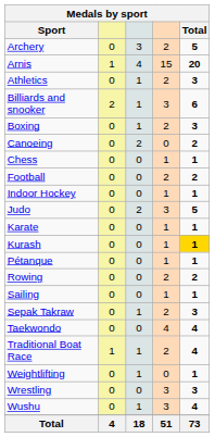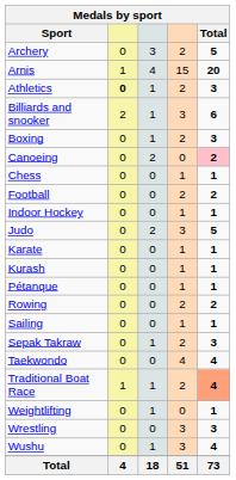 <table class="wikitable" style="font-size:90%; text-align:center;">
 <tr>
 <th colspan=5>Medals by sport</th>
 </tr>
 <tr>
 <th width=120>Sport</th>
 <th scope="col" width=30 style="background:#F7F6A8;"></th>
 <th scope="col" width=30 style="background:#DCE5E5;"></th>
 <th scope="col" width=30 style="background:#FFDAB9;"></th>
 <th width=30>Total</th>
 </tr>
 <tr>
 <td align=left><a href='#'>Archery</a></td>
 <td style="background:#F7F6A8;">0</td>
 <td style="background:#DCE5E5;">3</td>
 <td style="background:#FFDAB9;">2</td>
 <td><strong>5</strong></td>
 </tr>
 <tr>
 <td align="left"><a href='#'>Arnis</a></td>
 <td style="background:#F7F6A8;">1</td>
 <td style="background:#DCE5E5;">4</td>
 <td style="background:#FFDAB9;">15</td>
 <td><strong>20</strong></td>
 </tr>
 <tr>
 <td align=left><a href='#'>Athletics</a></td>
-<td style="background:#F7F6A8;">0</td>
+<td style="background:#F7F6A8;"><strong>0</strong></td>
 <td style="background:#DCE5E5;">1</td>
 <td style="background:#FFDAB9;">2</td>
 <td><strong>3</strong></td>
 </tr>
 <tr>
 <td align="left"><a href='#'>Billiards and snooker</a></td>
 <td style="background:#F7F6A8;">2</td>
 <td style="background:#DCE5E5;">1</td>
 <td style="background:#FFDAB9;">3</td>
 <td><strong>6</strong></td>
 </tr>
 <tr>
 <td align=left><a href='#'>Boxing</a></td>
 <td style="background:#F7F6A8;">0</td>
 <td style="background:#DCE5E5;">1</td>
 <td style="background:#FFDAB9;">2</td>
 <td><strong>3</strong></td>
 </tr>
 <tr>
 <td align=left><a href='#'>Canoeing</a></td>
 <td style="background:#F7F6A8;">0</td>
 <td style="background:#DCE5E5;">2</td>
 <td style="background:#FFDAB9;">0</td>
-<td><strong>2</strong></td>
+<td style="background: pink;"><strong>2</strong></td>
 </tr>
 <tr>
 <td align=left><a href='#'>Chess</a></td>
 <td style="background:#F7F6A8;">0</td>
 <td style="background:#DCE5E5;">0</td>
 <td style="background:#FFDAB9;">1</td>
 <td><strong>1</strong></td>
 </tr>
 <tr>
 <td align=left><a href='#'>Football</a></td>
 <td style="background:#F7F6A8;">0</td>
 <td style="background:#DCE5E5;">0</td>
 <td style="background:#FFDAB9;">2</td>
 <td><strong>2</strong></td>
 </tr>
 <tr>
 <td align=left><a href='#'>Indoor Hockey</a></td>
 <td style="background:#F7F6A8;">0</td>
 <td style="background:#DCE5E5;">0</td>
 <td style="background:#FFDAB9;">1</td>
 <td><strong>1</strong></td>
 </tr>
 <tr>
 <td align=left><a href='#'>Judo</a></td>
 <td style="background:#F7F6A8;">0</td>
 <td style="background:#DCE5E5;">2</td>
 <td style="background:#FFDAB9;">3</td>
 <td><strong>5</strong></td>
 </tr>
 <tr>
 <td align=left><a href='#'>Karate</a></td>
 <td style="background:#F7F6A8;">0</td>
 <td style="background:#DCE5E5;">0</td>
 <td style="background:#FFDAB9;">1</td>
 <td><strong>1</strong></td>
 </tr>
 <tr>
 <td align=left><a href='#'>Kurash</a></td>
 <td style="background:#F7F6A8;">0</td>
 <td style="background:#DCE5E5;">0</td>
 <td style="background:#FFDAB9;">1</td>
-<td style="background: gold;"><strong>1</strong></td>
+<td><strong>1</strong></td>
 </tr>
 <tr>
 <td align=left><a href='#'>Pétanque</a></td>
 <td style="background:#F7F6A8;">0</td>
 <td style="background:#DCE5E5;">0</td>
 <td style="background:#FFDAB9;">1</td>
 <td><strong>1</strong></td>
 </tr>
 <tr>
 <td align=left><a href='#'>Rowing</a></td>
 <td style="background:#F7F6A8;">0</td>
 <td style="background:#DCE5E5;">0</td>
 <td style="background:#FFDAB9;">2</td>
 <td><strong>2</strong></td>
 </tr>
 <tr>
 <td align=left><a href='#'>Sailing</a></td>
 <td style="background:#F7F6A8;">0</td>
 <td style="background:#DCE5E5;">0</td>
 <td style="background:#FFDAB9;">1</td>
 <td><strong>1</strong></td>
 </tr>
 <tr>
 <td align=left><a href='#'>Sepak Takraw</a></td>
 <td style="background:#F7F6A8;">0</td>
 <td style="background:#DCE5E5;">1</td>
 <td style="background:#FFDAB9;">2</td>
 <td><strong>3</strong></td>
 </tr>
 <tr>
 <td align=left><a href='#'>Taekwondo</a></td>
 <td style="background:#F7F6A8;">0</td>
 <td style="background:#DCE5E5;">0</td>
 <td style="background:#FFDAB9;">4</td>
 <td><strong>4</strong></td>
 </tr>
 <tr>
 <td align=left><a href='#'>Traditional Boat Race</a></td>
 <td style="background:#F7F6A8;">1</td>
 <td style="background:#DCE5E5;">1</td>
 <td style="background:#FFDAB9;">2</td>
-<td><strong>4</strong></td>
+<td style="background: lightsalmon;"><strong>4</strong></td>
 </tr>
 <tr>
 <td align=left><a href='#'>Weightlifting</a></td>
 <td style="background:#F7F6A8;">0</td>
 <td style="background:#DCE5E5;">1</td>
 <td style="background:#FFDAB9;">0</td>
 <td><strong>1</strong></td>
 </tr>
 <tr>
 <td align=left><a href='#'>Wrestling</a></td>
 <td style="background:#F7F6A8;">0</td>
 <td style="background:#DCE5E5;">0</td>
 <td style="background:#FFDAB9;">3</td>
 <td><strong>3</strong></td>
 </tr>
 <tr>
 <td align=left><a href='#'>Wushu</a></td>
 <td style="background:#F7F6A8;">0</td>
 <td style="background:#DCE5E5;">1</td>
 <td style="background:#FFDAB9;">3</td>
 <td><strong>4</strong></td>
 </tr>
 <tr>
 </tr>
 <tr class="sortbottom">
 <th>Total</th>
 <th>4</th>
 <th>18</th>
 <th>51</th>
 <th>73</th>
 </tr>
 </table>
